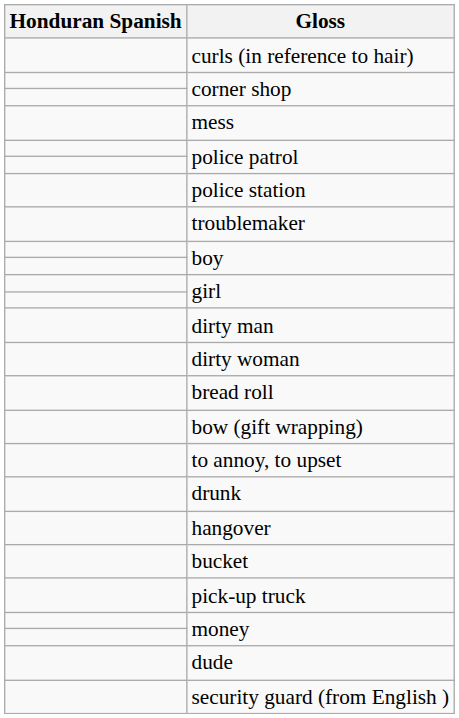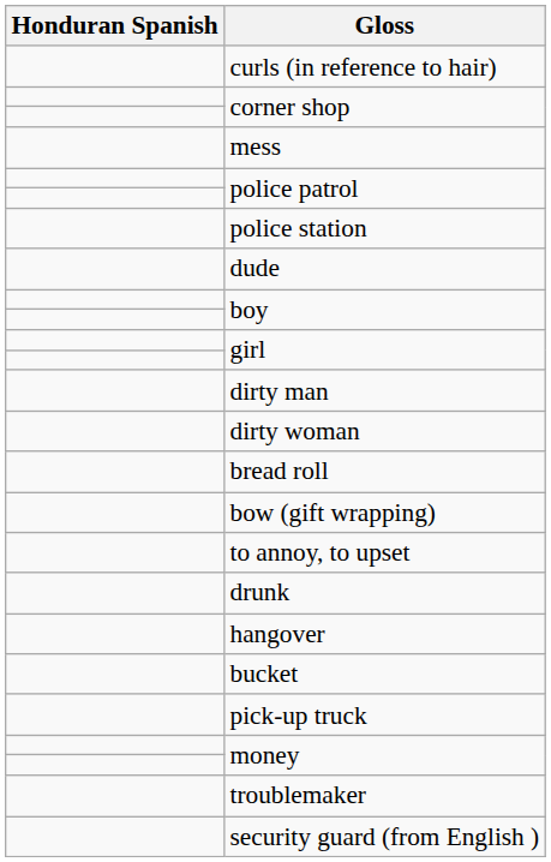 <table class="wikitable sortable">
 <tr>
 <th>Honduran Spanish</th>
 <th>Gloss</th>
 </tr>
 <tr>
 <td></td>
 <td>curls (in reference to hair)</td>
 </tr>
 <tr>
 <td></td>
 <td rowspan=2>corner shop</td>
 </tr>
 <tr>
 <td></td>
 </tr>
 <tr>
 <td></td>
 <td>mess</td>
 </tr>
 <tr>
 <td></td>
 <td rowspan=2>police patrol</td>
 </tr>
 <tr>
 <td></td>
 </tr>
 <tr>
 <td></td>
 <td>police station</td>
 </tr>
 <tr>
 <td></td>
-<td>troublemaker</td>
+<td>dude</td>
 </tr>
 <tr>
 <td></td>
 <td rowspan=2>boy</td>
 </tr>
 <tr>
 <td></td>
 </tr>
 <tr>
 <td></td>
 <td rowspan=2>girl</td>
 </tr>
 <tr>
 <td></td>
 </tr>
 <tr>
 <td></td>
 <td>dirty man</td>
 </tr>
 <tr>
 <td></td>
 <td>dirty woman</td>
 </tr>
 <tr>
 <td></td>
 <td>bread roll</td>
 </tr>
 <tr>
 <td></td>
 <td>bow (gift wrapping)</td>
 </tr>
 <tr>
 <td></td>
 <td>to annoy, to upset</td>
 </tr>
 <tr>
 <td></td>
 <td>drunk</td>
 </tr>
 <tr>
 <td></td>
 <td>hangover</td>
 </tr>
 <tr>
 <td></td>
 <td>bucket</td>
 </tr>
 <tr>
 <td></td>
 <td>pick-up truck</td>
 </tr>
 <tr>
 <td></td>
 <td rowspan=2>money</td>
 </tr>
 <tr>
 <td></td>
 </tr>
 <tr>
 <td></td>
-<td>dude</td>
+<td>troublemaker</td>
 </tr>
 <tr>
 <td></td>
 <td>security guard (from English )</td>
 </tr>
 </table>
